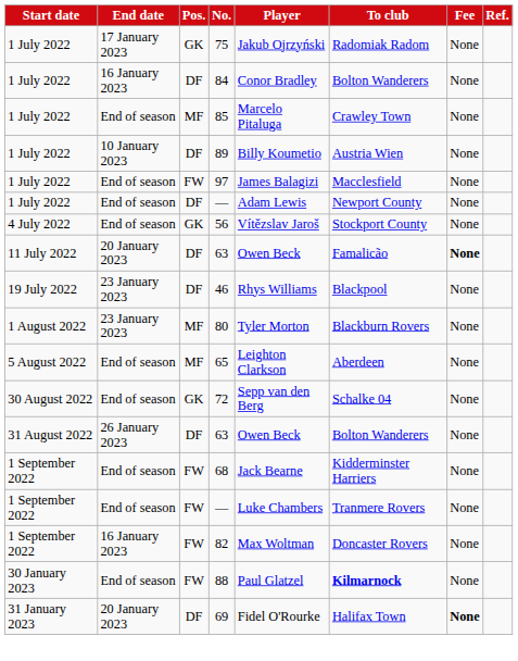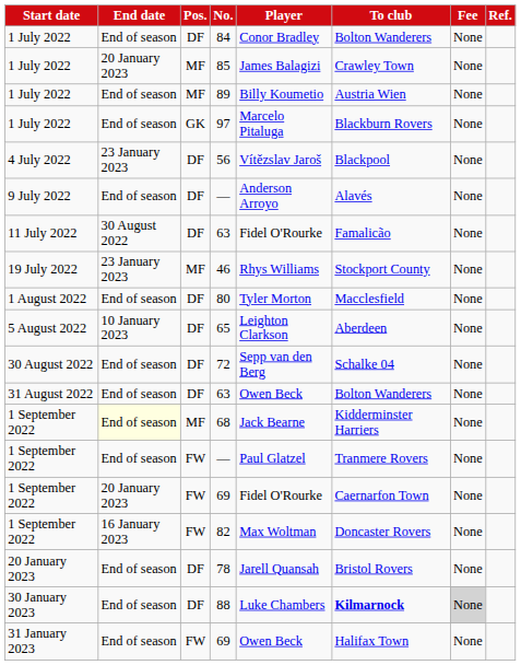 <table class="wikitable plainrowheaders sortable">
 <tr>
 <th style="background:#D10A11; color:#ffffff; ">Start date</th>
 <th style="background:#D10A11; color:#ffffff; ">End date</th>
 <th style="background:#D10A11; color:#ffffff; ">Pos.</th>
 <th style="background:#D10A11; color:#ffffff; ">No.</th>
 <th style="background:#D10A11; color:#ffffff; ">Player</th>
 <th style="background:#D10A11; color:#ffffff; ">To club</th>
 <th style="background:#D10A11; color:#ffffff; ">Fee</th>
 <th style="background:#D10A11; color:#ffffff; ">Ref.</th>
 </tr>
 <tr>
 <td>1 July 2022</td>
-<td>17 January 2023</td>
-<td style="text-align:center;">GK</td>
-<td style="text-align:center;">75</td>
-<td style="text-align:left;"> <a href='#'>Jakub Ojrzyński</a></td>
-<td style="text-align:left;"> <a href='#'>Radomiak Radom</a></td>
-<td>None</td>
-<td></td>
-</tr>
-<tr>
-<td>1 July 2022</td>
-<td>16 January 2023</td>
+<td>End of season</td>
 <td style="text-align:center;">DF</td>
 <td style="text-align:center;">84</td>
 <td style="text-align:left;"> <a href='#'>Conor Bradley</a></td>
 <td style="text-align:left;"> <a href='#'>Bolton Wanderers</a></td>
 <td>None</td>
 <td></td>
 </tr>
 <tr>
 <td>1 July 2022</td>
-<td>End of season</td>
+<td>20 January 2023</td>
 <td style="text-align:center;">MF</td>
 <td style="text-align:center;">85</td>
-<td style="text-align:left;"> <a href='#'>Marcelo Pitaluga</a></td>
+<td style="text-align:left;"> <a href='#'>James Balagizi</a></td>
 <td style="text-align:left;"> <a href='#'>Crawley Town</a></td>
 <td>None</td>
 <td></td>
 </tr>
 <tr>
 <td>1 July 2022</td>
-<td>10 January 2023</td>
-<td style="text-align:center;">DF</td>
+<td>End of season</td>
+<td style="text-align:center;">MF</td>
 <td style="text-align:center;">89</td>
 <td style="text-align:left;"> <a href='#'>Billy Koumetio</a></td>
 <td style="text-align:left;"> <a href='#'>Austria Wien</a></td>
 <td>None</td>
 <td></td>
 </tr>
 <tr>
 <td>1 July 2022</td>
 <td>End of season</td>
-<td style="text-align:center;">FW</td>
+<td style="text-align:center;">GK</td>
 <td style="text-align:center;">97</td>
-<td style="text-align:left;"> <a href='#'>James Balagizi</a></td>
+<td style="text-align:left;"> <a href='#'>Marcelo Pitaluga</a></td>
+<td style="text-align:left;"> <a href='#'>Blackburn Rovers</a></td>
+<td>None</td>
+<td></td>
+</tr>
+<tr>
+<td>4 July 2022</td>
+<td>23 January 2023</td>
+<td style="text-align:center;">DF</td>
+<td style="text-align:center;">56</td>
+<td style="text-align:left;"> <a href='#'>Vítězslav Jaroš</a></td>
+<td style="text-align:left;"> <a href='#'>Blackpool</a></td>
+<td>None</td>
+<td></td>
+</tr>
+<tr>
+<td>9 July 2022</td>
+<td>End of season</td>
+<td style="text-align:center;">DF</td>
+<td style="text-align:center;">—</td>
+<td style="text-align:left;"> <a href='#'>Anderson Arroyo</a></td>
+<td style="text-align:left;"> <a href='#'>Alavés</a></td>
+<td>None</td>
+<td></td>
+</tr>
+<tr>
+<td>11 July 2022</td>
+<td>30 August 2022</td>
+<td style="text-align:center;">DF</td>
+<td style="text-align:center;">63</td>
+<td style="text-align:left;"> Fidel O'Rourke</td>
+<td style="text-align:left;"> <a href='#'>Famalicão</a></td>
+<td>None</td>
+<td></td>
+</tr>
+<tr>
+<td>19 July 2022</td>
+<td>23 January 2023</td>
+<td style="text-align:center;">MF</td>
+<td style="text-align:center;">46</td>
+<td style="text-align:left;"> <a href='#'>Rhys Williams</a></td>
+<td style="text-align:left;"> <a href='#'>Stockport County</a></td>
+<td>None</td>
+<td></td>
+</tr>
+<tr>
+<td>1 August 2022</td>
+<td>End of season</td>
+<td style="text-align:center;">DF</td>
+<td style="text-align:center;">80</td>
+<td style="text-align:left;"> <a href='#'>Tyler Morton</a></td>
 <td style="text-align:left;"> <a href='#'>Macclesfield</a></td>
 <td>None</td>
 <td></td>
 </tr>
 <tr>
-<td>1 July 2022</td>
-<td>End of season</td>
+<td>5 August 2022</td>
+<td>10 January 2023</td>
 <td style="text-align:center;">DF</td>
-<td style="text-align:center;">—</td>
-<td style="text-align:left;"> <a href='#'>Adam Lewis</a></td>
-<td style="text-align:left;"> <a href='#'>Newport County</a></td>
-<td>None</td>
-<td></td>
-</tr>
-<tr>
-<td>4 July 2022</td>
-<td>End of season</td>
-<td style="text-align:center;">GK</td>
-<td style="text-align:center;">56</td>
-<td style="text-align:left;"> <a href='#'>Vítězslav Jaroš</a></td>
-<td style="text-align:left;"> <a href='#'>Stockport County</a></td>
-<td>None</td>
-<td></td>
-</tr>
-<tr>
-<td>11 July 2022</td>
-<td>20 January 2023</td>
-<td style="text-align:center;">DF</td>
-<td style="text-align:center;">63</td>
-<td style="text-align:left;"> <a href='#'>Owen Beck</a></td>
-<td style="text-align:left;"> <a href='#'>Famalicão</a></td>
-<td><strong>None</strong></td>
-<td></td>
-</tr>
-<tr>
-<td>19 July 2022</td>
-<td>23 January 2023</td>
-<td style="text-align:center;">DF</td>
-<td style="text-align:center;">46</td>
-<td style="text-align:left;"> <a href='#'>Rhys Williams</a></td>
-<td style="text-align:left;"> <a href='#'>Blackpool</a></td>
-<td>None</td>
-<td></td>
-</tr>
-<tr>
-<td>1 August 2022</td>
-<td>23 January 2023</td>
-<td style="text-align:center;">MF</td>
-<td style="text-align:center;">80</td>
-<td style="text-align:left;"> <a href='#'>Tyler Morton</a></td>
-<td style="text-align:left;"> <a href='#'>Blackburn Rovers</a></td>
-<td>None</td>
-<td></td>
-</tr>
-<tr>
-<td>5 August 2022</td>
-<td>End of season</td>
-<td style="text-align:center;">MF</td>
 <td style="text-align:center;">65</td>
 <td style="text-align:left;"> <a href='#'>Leighton Clarkson</a></td>
 <td style="text-align:left;"> <a href='#'>Aberdeen</a></td>
 <td>None</td>
 <td></td>
 </tr>
 <tr>
 <td>30 August 2022</td>
 <td>End of season</td>
-<td style="text-align:center;">GK</td>
+<td style="text-align:center;">DF</td>
 <td style="text-align:center;">72</td>
 <td style="text-align:left;"> <a href='#'>Sepp van den Berg</a></td>
 <td style="text-align:left;"> <a href='#'>Schalke 04</a></td>
 <td>None</td>
 <td></td>
 </tr>
 <tr>
 <td>31 August 2022</td>
-<td>26 January 2023</td>
+<td>End of season</td>
 <td style="text-align:center;">DF</td>
 <td style="text-align:center;">63</td>
 <td style="text-align:left;"> <a href='#'>Owen Beck</a></td>
 <td style="text-align:left;"> <a href='#'>Bolton Wanderers</a></td>
 <td>None</td>
 <td></td>
 </tr>
 <tr>
 <td>1 September 2022</td>
-<td>End of season</td>
-<td style="text-align:center;">FW</td>
+<td style="background: lightyellow;">End of season</td>
+<td style="text-align:center;">MF</td>
 <td style="text-align:center;">68</td>
 <td style="text-align:left;"> <a href='#'>Jack Bearne</a></td>
 <td style="text-align:left;"> <a href='#'>Kidderminster Harriers</a></td>
 <td>None</td>
 <td></td>
 </tr>
 <tr>
 <td>1 September 2022</td>
 <td>End of season</td>
 <td style="text-align:center;">FW</td>
 <td style="text-align:center;">—</td>
-<td style="text-align:left;"> <a href='#'>Luke Chambers</a></td>
+<td style="text-align:left;"> <a href='#'>Paul Glatzel</a></td>
 <td style="text-align:left;"> <a href='#'>Tranmere Rovers</a></td>
+<td>None</td>
+<td></td>
+</tr>
+<tr>
+<td>1 September 2022</td>
+<td>20 January 2023</td>
+<td style="text-align:center;">FW</td>
+<td style="text-align:center;">69</td>
+<td style="text-align:left;"> Fidel O'Rourke</td>
+<td style="text-align:left;"> <a href='#'>Caernarfon Town</a></td>
 <td>None</td>
 <td></td>
 </tr>
 <tr>
 <td>1 September 2022</td>
 <td>16 January 2023</td>
 <td style="text-align:center;">FW</td>
 <td style="text-align:center;">82</td>
 <td style="text-align:left;"> <a href='#'>Max Woltman</a></td>
 <td style="text-align:left;"> <a href='#'>Doncaster Rovers</a></td>
 <td>None</td>
 <td></td>
 </tr>
 <tr>
-<td>30 January 2023</td>
+<td>20 January 2023</td>
 <td>End of season</td>
-<td style="text-align:center;">FW</td>
-<td style="text-align:center;">88</td>
-<td style="text-align:left;"> <a href='#'>Paul Glatzel</a></td>
-<td style="text-align:left;"><strong> <a href='#'>Kilmarnock</a></strong></td>
+<td style="text-align:center;">DF</td>
+<td style="text-align:center;">78</td>
+<td style="text-align:left;"> <a href='#'>Jarell Quansah</a></td>
+<td style="text-align:left;"> <a href='#'>Bristol Rovers</a></td>
 <td>None</td>
 <td></td>
 </tr>
 <tr>
+<td>30 January 2023</td>
+<td>End of season</td>
+<td style="text-align:center;">DF</td>
+<td style="text-align:center;">88</td>
+<td style="text-align:left;"> <a href='#'>Luke Chambers</a></td>
+<td style="text-align:left;"><strong> <a href='#'>Kilmarnock</a></strong></td>
+<td style="background: lightgrey;">None</td>
+<td></td>
+</tr>
+<tr>
 <td>31 January 2023</td>
-<td>20 January 2023</td>
-<td style="text-align:center;">DF</td>
+<td>End of season</td>
+<td style="text-align:center;">FW</td>
 <td style="text-align:center;">69</td>
-<td style="text-align:left;"> Fidel O'Rourke</td>
+<td style="text-align:left;"> <a href='#'>Owen Beck</a></td>
 <td style="text-align:left;"> <a href='#'>Halifax Town</a></td>
-<td><strong>None</strong></td>
+<td>None</td>
 <td></td>
 </tr>
 </table>
